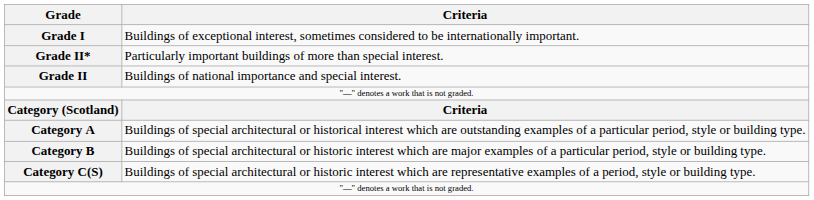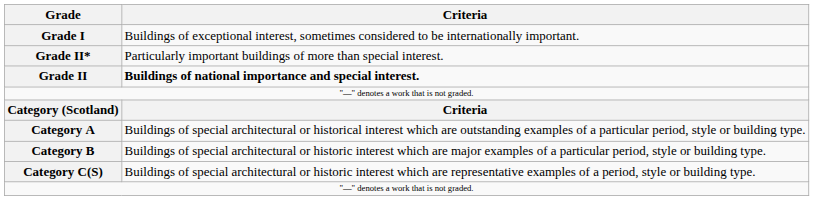 <table class="wikitable" border="1">
 <tr>
 <th>Grade</th>
 <th>Criteria</th>
 </tr>
 <tr>
 <th>Grade I</th>
 <td>Buildings of exceptional interest, sometimes considered to be internationally important.</td>
 </tr>
 <tr>
 <th>Grade II*</th>
 <td>Particularly important buildings of more than special interest.</td>
 </tr>
 <tr>
 <th>Grade II</th>
-<td>Buildings of national importance and special interest.</td>
+<td><strong>Buildings of national importance and special interest.</strong></td>
 </tr>
 <tr>
 <td align="center" colspan="14" style="font-size: 8pt">"—" denotes a work that is not graded.</td>
 </tr>
 <tr>
 <th>Category (Scotland)</th>
 <th>Criteria</th>
 </tr>
 <tr>
 <th>Category A</th>
 <td>Buildings of special architectural or historical interest which are outstanding examples of a particular period, style or building type.</td>
 </tr>
 <tr>
 <th>Category B</th>
 <td>Buildings of special architectural or historic interest which are major examples of a particular period, style or building type.</td>
 </tr>
 <tr>
 <th>Category C(S)</th>
 <td>Buildings of special architectural or historic interest which are representative examples of a period, style or building type.</td>
 </tr>
 <tr>
 <td align="center" colspan="14" style="font-size: 8pt">"—" denotes a work that is not graded.</td>
 </tr>
 </table>
